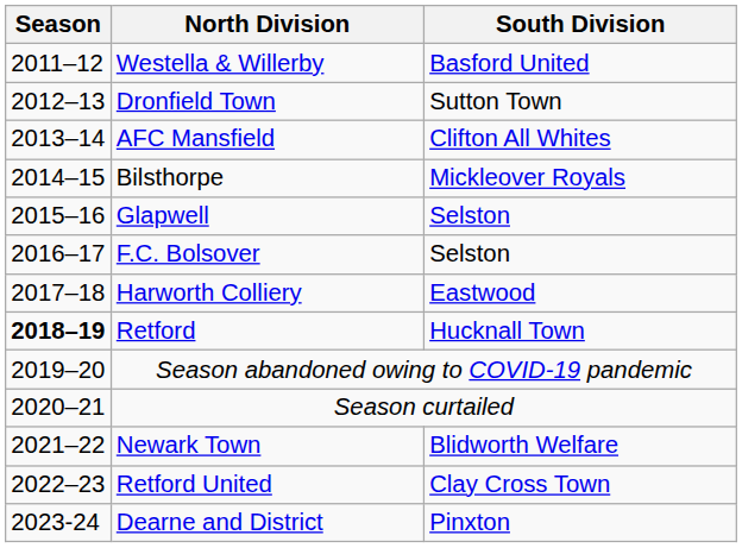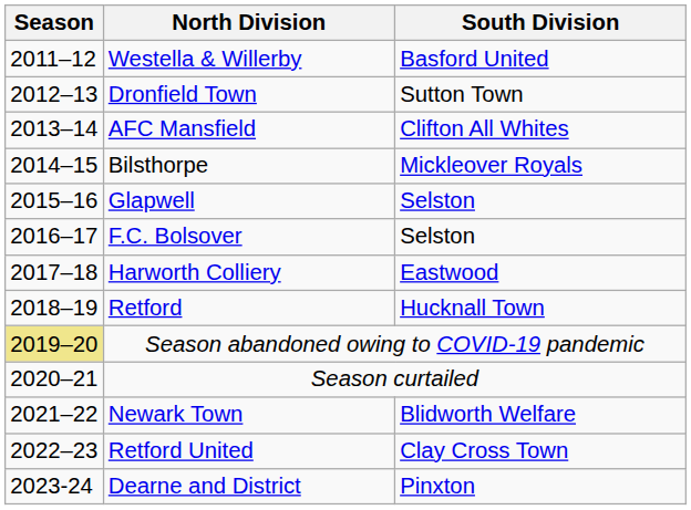 <table class=wikitable>
 <tr>
 <th>Season</th>
 <th width=200>North Division</th>
 <th width=200>South Division</th>
 </tr>
 <tr>
 <td>2011–12</td>
 <td><a href='#'>Westella & Willerby</a></td>
 <td><a href='#'>Basford United</a></td>
 </tr>
 <tr>
 <td>2012–13</td>
 <td><a href='#'>Dronfield Town</a></td>
 <td>Sutton Town</td>
 </tr>
 <tr>
 <td>2013–14</td>
 <td><a href='#'>AFC Mansfield</a></td>
 <td><a href='#'>Clifton All Whites</a></td>
 </tr>
 <tr>
 <td>2014–15</td>
 <td>Bilsthorpe</td>
 <td><a href='#'>Mickleover Royals</a></td>
 </tr>
 <tr>
 <td>2015–16</td>
 <td><a href='#'>Glapwell</a></td>
 <td><a href='#'>Selston</a></td>
 </tr>
 <tr>
 <td>2016–17</td>
 <td><a href='#'>F.C. Bolsover</a></td>
 <td>Selston</td>
 </tr>
 <tr>
 <td>2017–18</td>
 <td><a href='#'>Harworth Colliery</a></td>
 <td><a href='#'>Eastwood</a></td>
 </tr>
 <tr>
-<td><strong>2018–19</strong></td>
+<td>2018–19</td>
 <td><a href='#'>Retford</a></td>
 <td><a href='#'>Hucknall Town</a></td>
 </tr>
 <tr>
-<td>2019–20</td>
+<td style="background: khaki;">2019–20</td>
 <td colspan="4" style="text-align:center;"><em>Season abandoned owing to <a href='#'>COVID-19</a> pandemic</em></td>
 </tr>
 <tr>
 <td>2020–21</td>
 <td colspan="4" style="text-align:center;"><em>Season curtailed</em></td>
 </tr>
 <tr>
 <td>2021–22</td>
 <td><a href='#'>Newark Town</a></td>
 <td><a href='#'>Blidworth Welfare</a></td>
 </tr>
 <tr>
 <td>2022–23</td>
 <td><a href='#'>Retford United</a></td>
 <td><a href='#'>Clay Cross Town</a></td>
 </tr>
 <tr>
 <td>2023-24</td>
 <td><a href='#'>Dearne and District</a></td>
 <td><a href='#'>Pinxton</a></td>
 </tr>
 </table>
